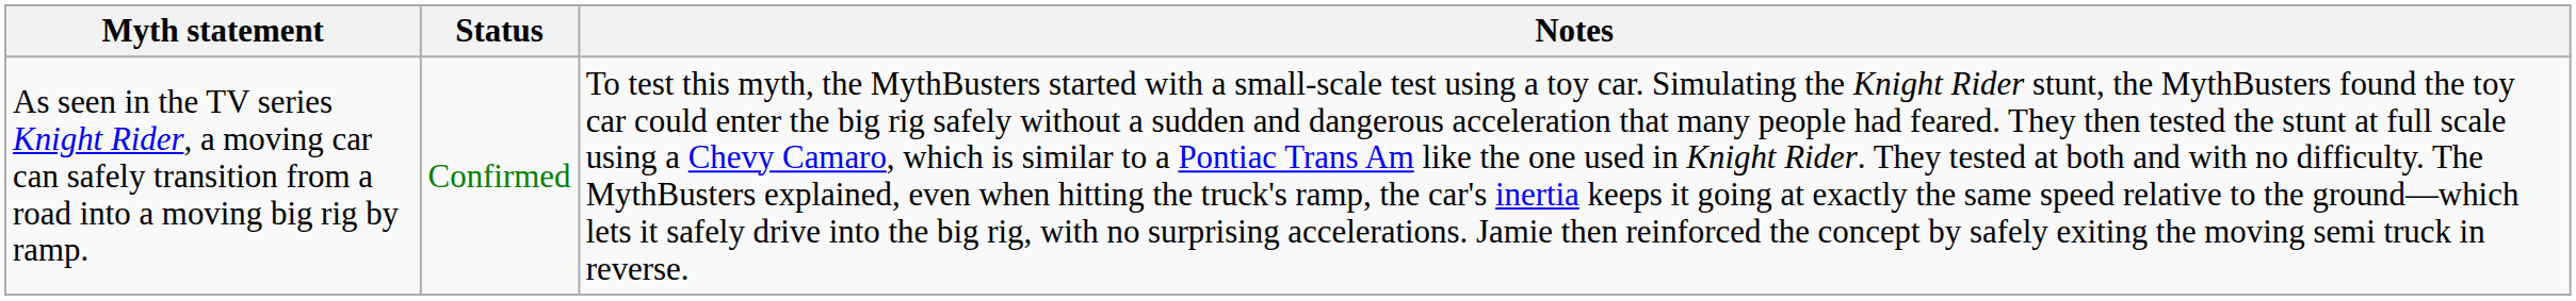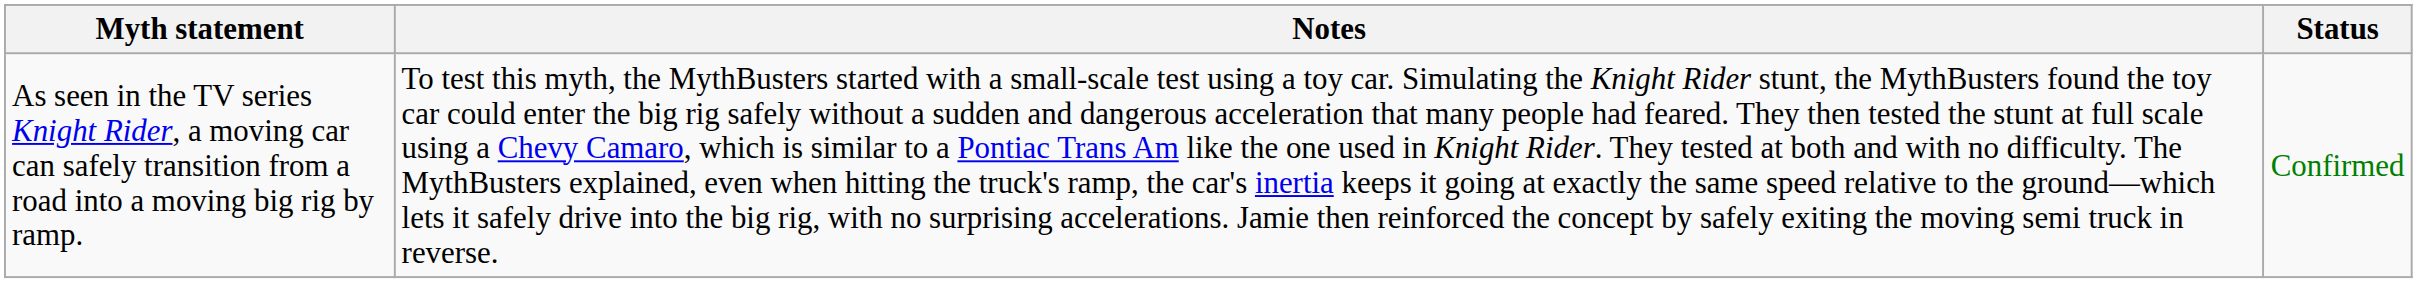 <table class="wikitable plainrowheaders">
 <tr>
 <th>Myth statement</th>
+<th>Notes</th>
 <th>Status</th>
-<th>Notes</th>
 </tr>
 <tr>
 <td>As seen in the TV series <em><a href='#'>Knight Rider</a></em>, a moving car can safely transition from a road into a moving big rig by ramp.</td>
+<td>To test this myth, the MythBusters started with a small-scale test using a toy car. Simulating the <em>Knight Rider</em> stunt, the MythBusters found the toy car could enter the big rig safely without a sudden and dangerous acceleration that many people had feared. They then tested the stunt at full scale using a <a href='#'>Chevy Camaro</a>, which is similar to a <a href='#'>Pontiac Trans Am</a> like the one used in <em>Knight Rider</em>. They tested at both  and  with no difficulty. The MythBusters explained, even when hitting the truck's ramp, the car's <a href='#'>inertia</a> keeps it going at exactly the same speed relative to the ground—which lets it safely drive into the big rig, with no surprising accelerations. Jamie then reinforced the concept by safely exiting the moving semi truck in reverse.</td>
 <td style="color:green">Confirmed</td>
-<td>To test this myth, the MythBusters started with a small-scale test using a toy car. Simulating the <em>Knight Rider</em> stunt, the MythBusters found the toy car could enter the big rig safely without a sudden and dangerous acceleration that many people had feared. They then tested the stunt at full scale using a <a href='#'>Chevy Camaro</a>, which is similar to a <a href='#'>Pontiac Trans Am</a> like the one used in <em>Knight Rider</em>. They tested at both  and  with no difficulty. The MythBusters explained, even when hitting the truck's ramp, the car's <a href='#'>inertia</a> keeps it going at exactly the same speed relative to the ground—which lets it safely drive into the big rig, with no surprising accelerations. Jamie then reinforced the concept by safely exiting the moving semi truck in reverse.</td>
 </tr>
 </table>
